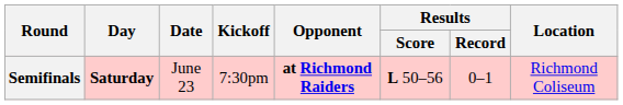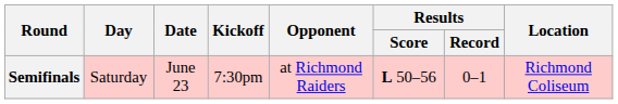 <table class="wikitable">
 <tr>
 <th rowspan="2" width="40">Round</th>
 <th rowspan="2" width="80">Day</th>
 <th rowspan="2" width="90">Date</th>
 <th rowspan="2" width="60">Kickoff</th>
 <th rowspan="2" width="180">Opponent</th>
 <th colspan="2" width="200">Results</th>
 <th rowspan="2" width="200">Location</th>
 </tr>
 <tr>
 <th width="140">Score</th>
 <th width="60">Record</th>
 </tr>
 <tr align="center" bgcolor="#FFCCCC">
 <th>Semifinals</th>
-<td><strong>Saturday</strong></td>
+<td>Saturday</td>
 <td>June 23</td>
 <td>7:30pm</td>
-<td><strong>at <a href='#'>Richmond Raiders</a></strong></td>
+<td>at <a href='#'>Richmond Raiders</a></td>
 <td><strong>L</strong> 50–56</td>
 <td>0–1</td>
 <td><a href='#'>Richmond Coliseum</a></td>
 </tr>
 </table>
